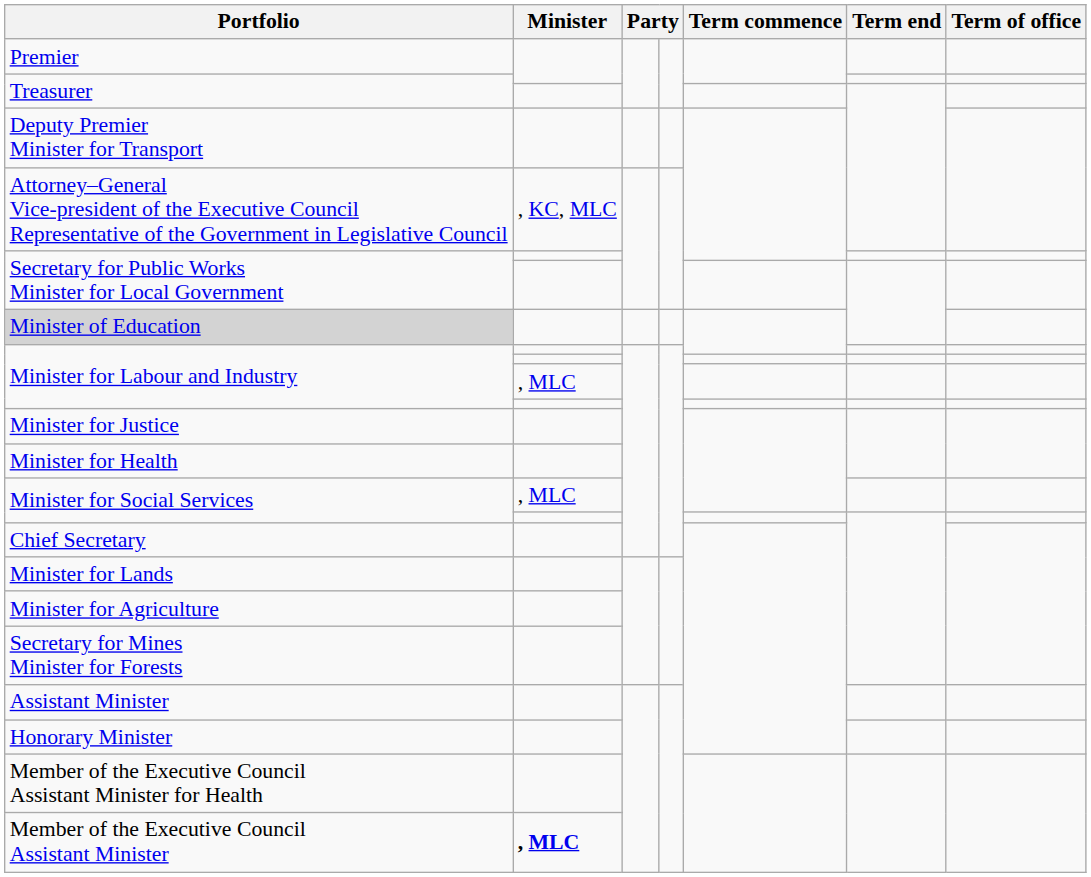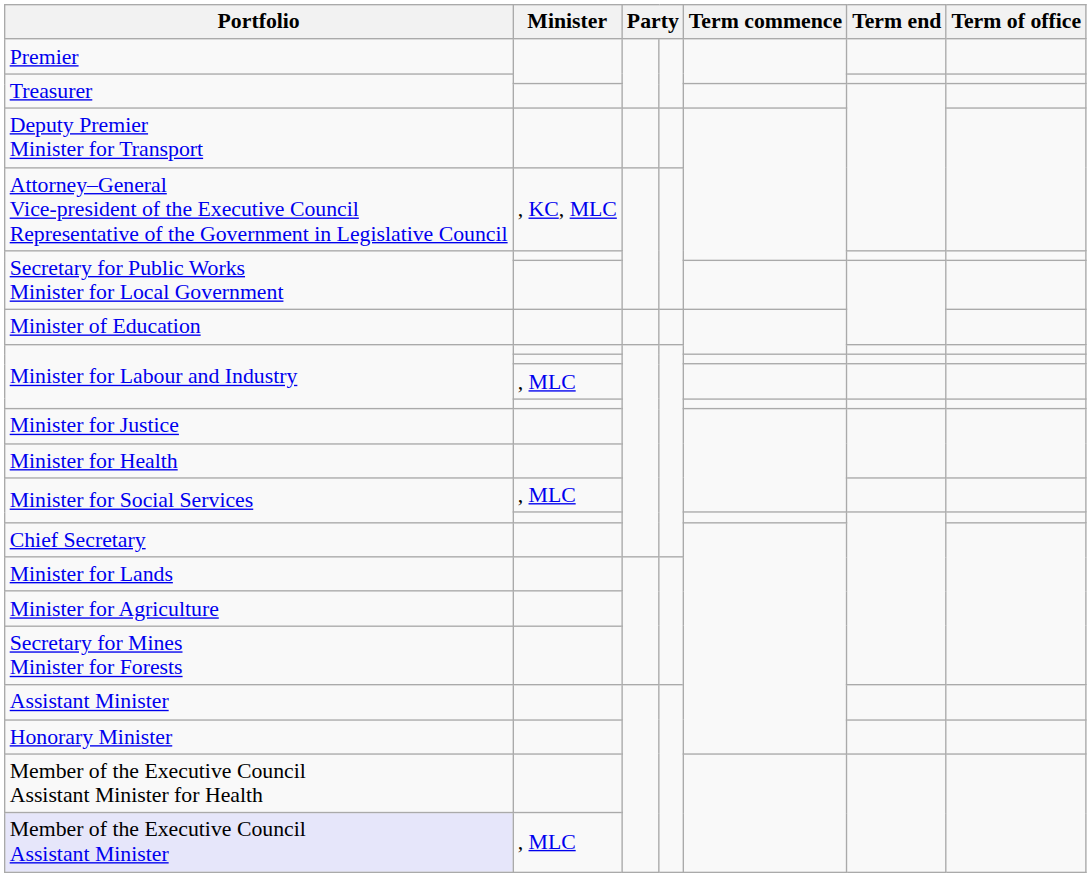 <table class="wikitable sortable">
 <tr>
 <th>Portfolio</th>
 <th>Minister</th>
 <th colspan=2>Party</th>
 <th>Term commence</th>
 <th>Term end</th>
 <th>Term of office</th>
 </tr>
 <tr>
 <td><a href='#'>Premier</a></td>
 <td rowspan=2></td>
 <td rowspan="3" > </td>
 <td rowspan="3"></td>
 <td rowspan="2" align="center"></td>
 <td align="center"></td>
 <td align="right"></td>
 </tr>
 <tr>
 <td rowspan="2"><a href='#'>Treasurer</a></td>
 <td align="center"></td>
 <td align="right"></td>
 </tr>
 <tr>
 <td></td>
 <td align="center"></td>
 <td rowspan="3" align="center"></td>
 <td align="right"></td>
 </tr>
 <tr>
 <td><a href='#'>Deputy Premier</a><br><a href='#'>Minister for Transport</a></td>
 <td></td>
 <td> </td>
 <td></td>
 <td rowspan="3" align="center"></td>
 <td rowspan="2" align="right"></td>
 </tr>
 <tr>
 <td><a href='#'>Attorney–General</a><br><a href='#'>Vice-president of the Executive Council</a><br><a href='#'>Representative of the Government in Legislative Council</a></td>
 <td>, <a href='#'>KC</a>, <a href='#'>MLC</a></td>
 <td rowspan="3" > </td>
 <td rowspan="3"></td>
 </tr>
 <tr>
 <td rowspan="2"><a href='#'>Secretary for Public Works</a><br><a href='#'>Minister for Local Government</a></td>
 <td></td>
 <td align="center"></td>
 <td align="right"></td>
 </tr>
 <tr>
 <td></td>
 <td align="center"></td>
 <td rowspan="2" align="center"></td>
 <td align="right"></td>
 </tr>
 <tr>
-<td style="background: lightgrey;"><a href='#'>Minister of Education</a></td>
+<td><a href='#'>Minister of Education</a></td>
 <td></td>
 <td> </td>
 <td></td>
 <td rowspan="2" align="center"></td>
 <td align="right"></td>
 </tr>
 <tr>
 <td rowspan="4"><a href='#'>Minister for Labour and Industry</a></td>
 <td></td>
 <td rowspan="9" > </td>
 <td rowspan="9"></td>
 <td align="center"></td>
 <td align="right"></td>
 </tr>
 <tr>
 <td></td>
 <td align="center"></td>
 <td align="center"></td>
 <td align="right"></td>
 </tr>
 <tr>
 <td>, <a href='#'>MLC</a></td>
 <td align="center"></td>
 <td align="center"></td>
 <td align="right"></td>
 </tr>
 <tr>
 <td></td>
 <td align="center"></td>
 <td align="center"></td>
 <td align="right"></td>
 </tr>
 <tr>
 <td><a href='#'>Minister for Justice</a></td>
 <td></td>
 <td rowspan="3" align="center"></td>
 <td rowspan="2" align="center"></td>
 <td rowspan="2" align="right"></td>
 </tr>
 <tr>
 <td><a href='#'>Minister for Health</a></td>
 <td></td>
 </tr>
 <tr>
 <td rowspan="2"><a href='#'>Minister for Social Services</a></td>
 <td>, <a href='#'>MLC</a></td>
 <td align="center"></td>
 <td align="right"></td>
 </tr>
 <tr>
 <td></td>
 <td align="center"></td>
 <td rowspan="5" align="center"></td>
 <td align="right"></td>
 </tr>
 <tr>
 <td><a href='#'>Chief Secretary</a></td>
 <td></td>
 <td rowspan="6" align="center"></td>
 <td rowspan="4" align="right"></td>
 </tr>
 <tr>
 <td><a href='#'>Minister for Lands</a></td>
 <td></td>
 <td rowspan="3" > </td>
 <td rowspan="3"></td>
 </tr>
 <tr>
 <td><a href='#'>Minister for Agriculture</a></td>
 <td></td>
 </tr>
 <tr>
 <td><a href='#'>Secretary for Mines</a><br><a href='#'>Minister for Forests</a></td>
 <td></td>
 </tr>
 <tr>
 <td><a href='#'>Assistant Minister</a></td>
 <td></td>
 <td rowspan="4" > </td>
 <td rowspan="4"></td>
 <td align="center"></td>
 <td align="right"></td>
 </tr>
 <tr>
 <td><a href='#'>Honorary Minister</a></td>
 <td></td>
 <td align="center"></td>
 <td align="right"></td>
 </tr>
 <tr>
 <td>Member of the Executive Council<br>Assistant Minister for Health</td>
 <td></td>
 <td rowspan="2" align="center"></td>
 <td rowspan="2" align="center"></td>
 <td rowspan="2" align="right"></td>
 </tr>
 <tr>
-<td>Member of the Executive Council<br><a href='#'>Assistant Minister</a></td>
-<td><strong>, <a href='#'>MLC</a></strong></td>
+<td style="background: lavender;">Member of the Executive Council<br><a href='#'>Assistant Minister</a></td>
+<td>, <a href='#'>MLC</a></td>
 </tr>
 </table>
